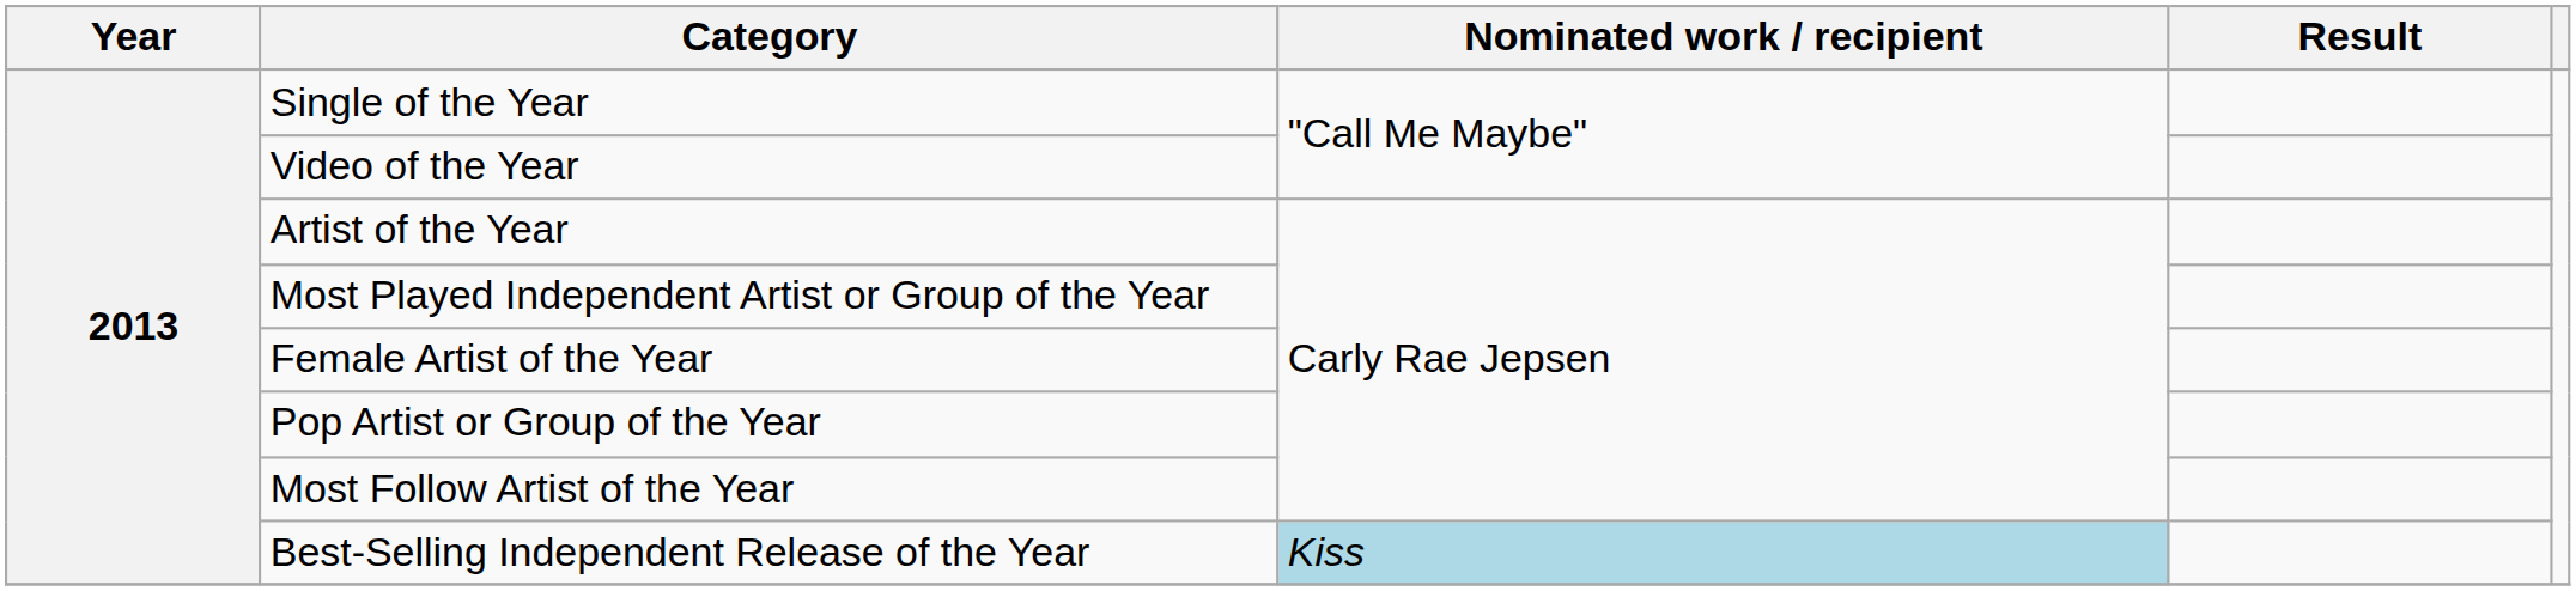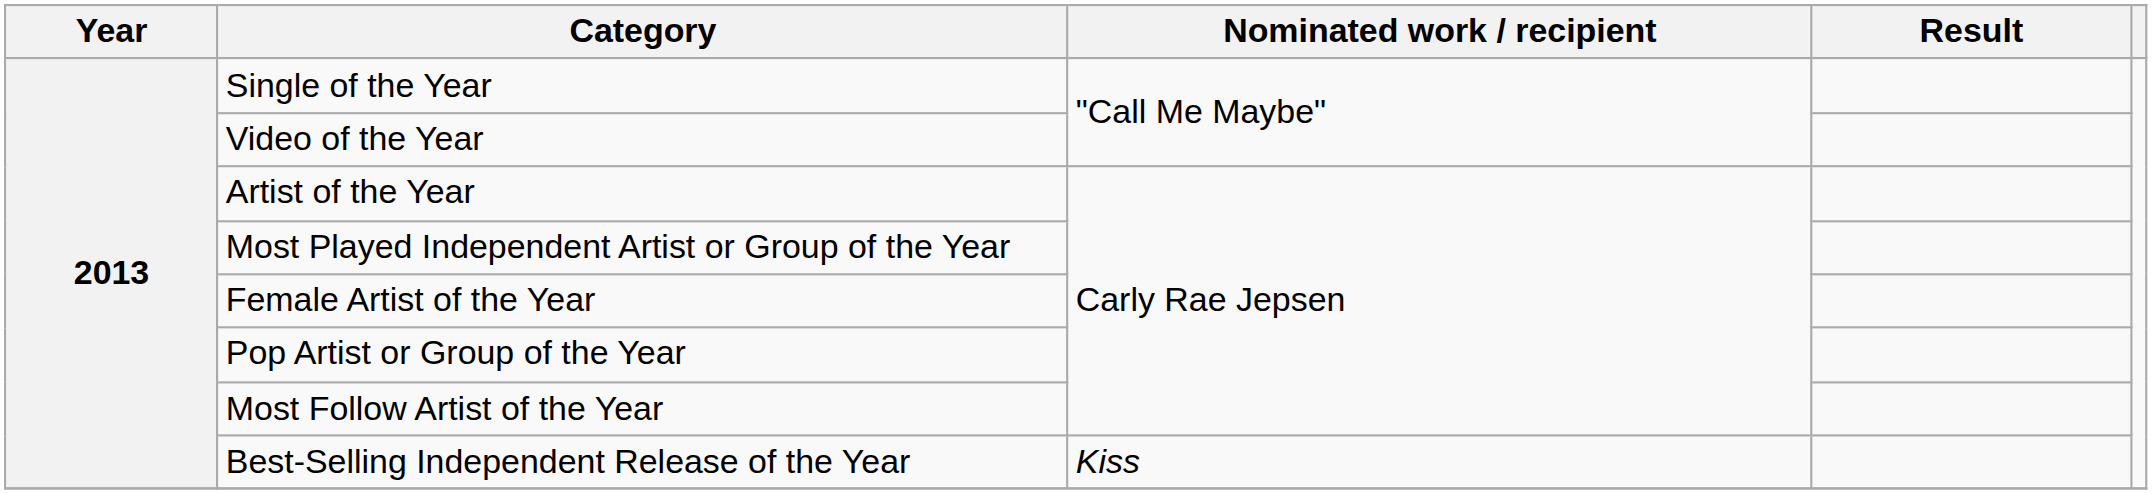 <table width="80%" class="wikitable">
 <tr>
 <th style="width:10%;">Year</th>
 <th style="width:40%;">Category</th>
 <th style="width:35%;">Nominated work / recipient</th>
 <th style="width:15%;">Result</th>
 <th></th>
 </tr>
 <tr>
 <th scope="row" rowspan="8">2013</th>
 <td>Single of the Year</td>
 <td rowspan="2">"Call Me Maybe"</td>
 <td></td>
 <td style="text-align:center;" rowspan="8"></td>
 </tr>
 <tr>
 <td>Video of the Year</td>
 <td></td>
 </tr>
 <tr>
 <td>Artist of the Year</td>
 <td rowspan="5">Carly Rae Jepsen</td>
 <td></td>
 </tr>
 <tr>
 <td>Most Played Independent Artist or Group of the Year</td>
 <td></td>
 </tr>
 <tr>
 <td>Female Artist of the Year</td>
 <td></td>
 </tr>
 <tr>
 <td>Pop Artist or Group of the Year</td>
 <td></td>
 </tr>
 <tr>
 <td>Most Follow Artist of the Year</td>
 <td></td>
 </tr>
 <tr>
 <td>Best-Selling Independent Release of the Year</td>
-<td style="background: lightblue;"><em>Kiss</em></td>
+<td><em>Kiss</em></td>
 <td></td>
 </tr>
 <tr>
 </tr>
 </table>
